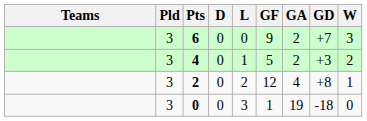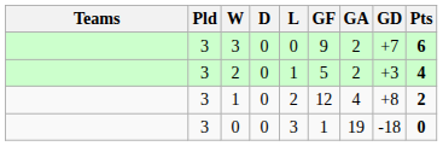 <table class="wikitable" style="text-align: center;">
 <tr>
 <th width=165>Teams</th>
 <th width=20>Pld</th>
-<th width=20>Pts</th>
+<th width=20>W</th>
 <th width=20>D</th>
 <th width=20>L</th>
 <th width=20>GF</th>
 <th width=20>GA</th>
 <th width=20>GD</th>
-<th width=20>W</th>
+<th width=20>Pts</th>
 </tr>
 <tr align=center style="background:#ccffcc;">
 <td style="text-align:left;"></td>
 <td>3</td>
-<td><strong>6</strong></td>
+<td>3</td>
 <td>0</td>
 <td>0</td>
 <td>9</td>
 <td>2</td>
 <td>+7</td>
-<td>3</td>
+<td><strong>6</strong></td>
 </tr>
 <tr align=center style="background:#ccffcc;">
 <td style="text-align:left;"></td>
 <td>3</td>
-<td><strong>4</strong></td>
+<td>2</td>
 <td>0</td>
 <td>1</td>
 <td>5</td>
 <td>2</td>
 <td>+3</td>
-<td>2</td>
+<td><strong>4</strong></td>
 </tr>
 <tr align=center>
 <td style="text-align:left;"></td>
 <td>3</td>
-<td><strong>2</strong></td>
+<td>1</td>
 <td>0</td>
 <td>2</td>
 <td>12</td>
 <td>4</td>
 <td>+8</td>
-<td>1</td>
+<td><strong>2</strong></td>
 </tr>
 <tr align=center>
 <td style="text-align:left;"></td>
 <td>3</td>
-<td><strong>0</strong></td>
+<td>0</td>
 <td>0</td>
 <td>3</td>
 <td>1</td>
 <td>19</td>
 <td>-18</td>
-<td>0</td>
+<td><strong>0</strong></td>
 </tr>
 </table>
